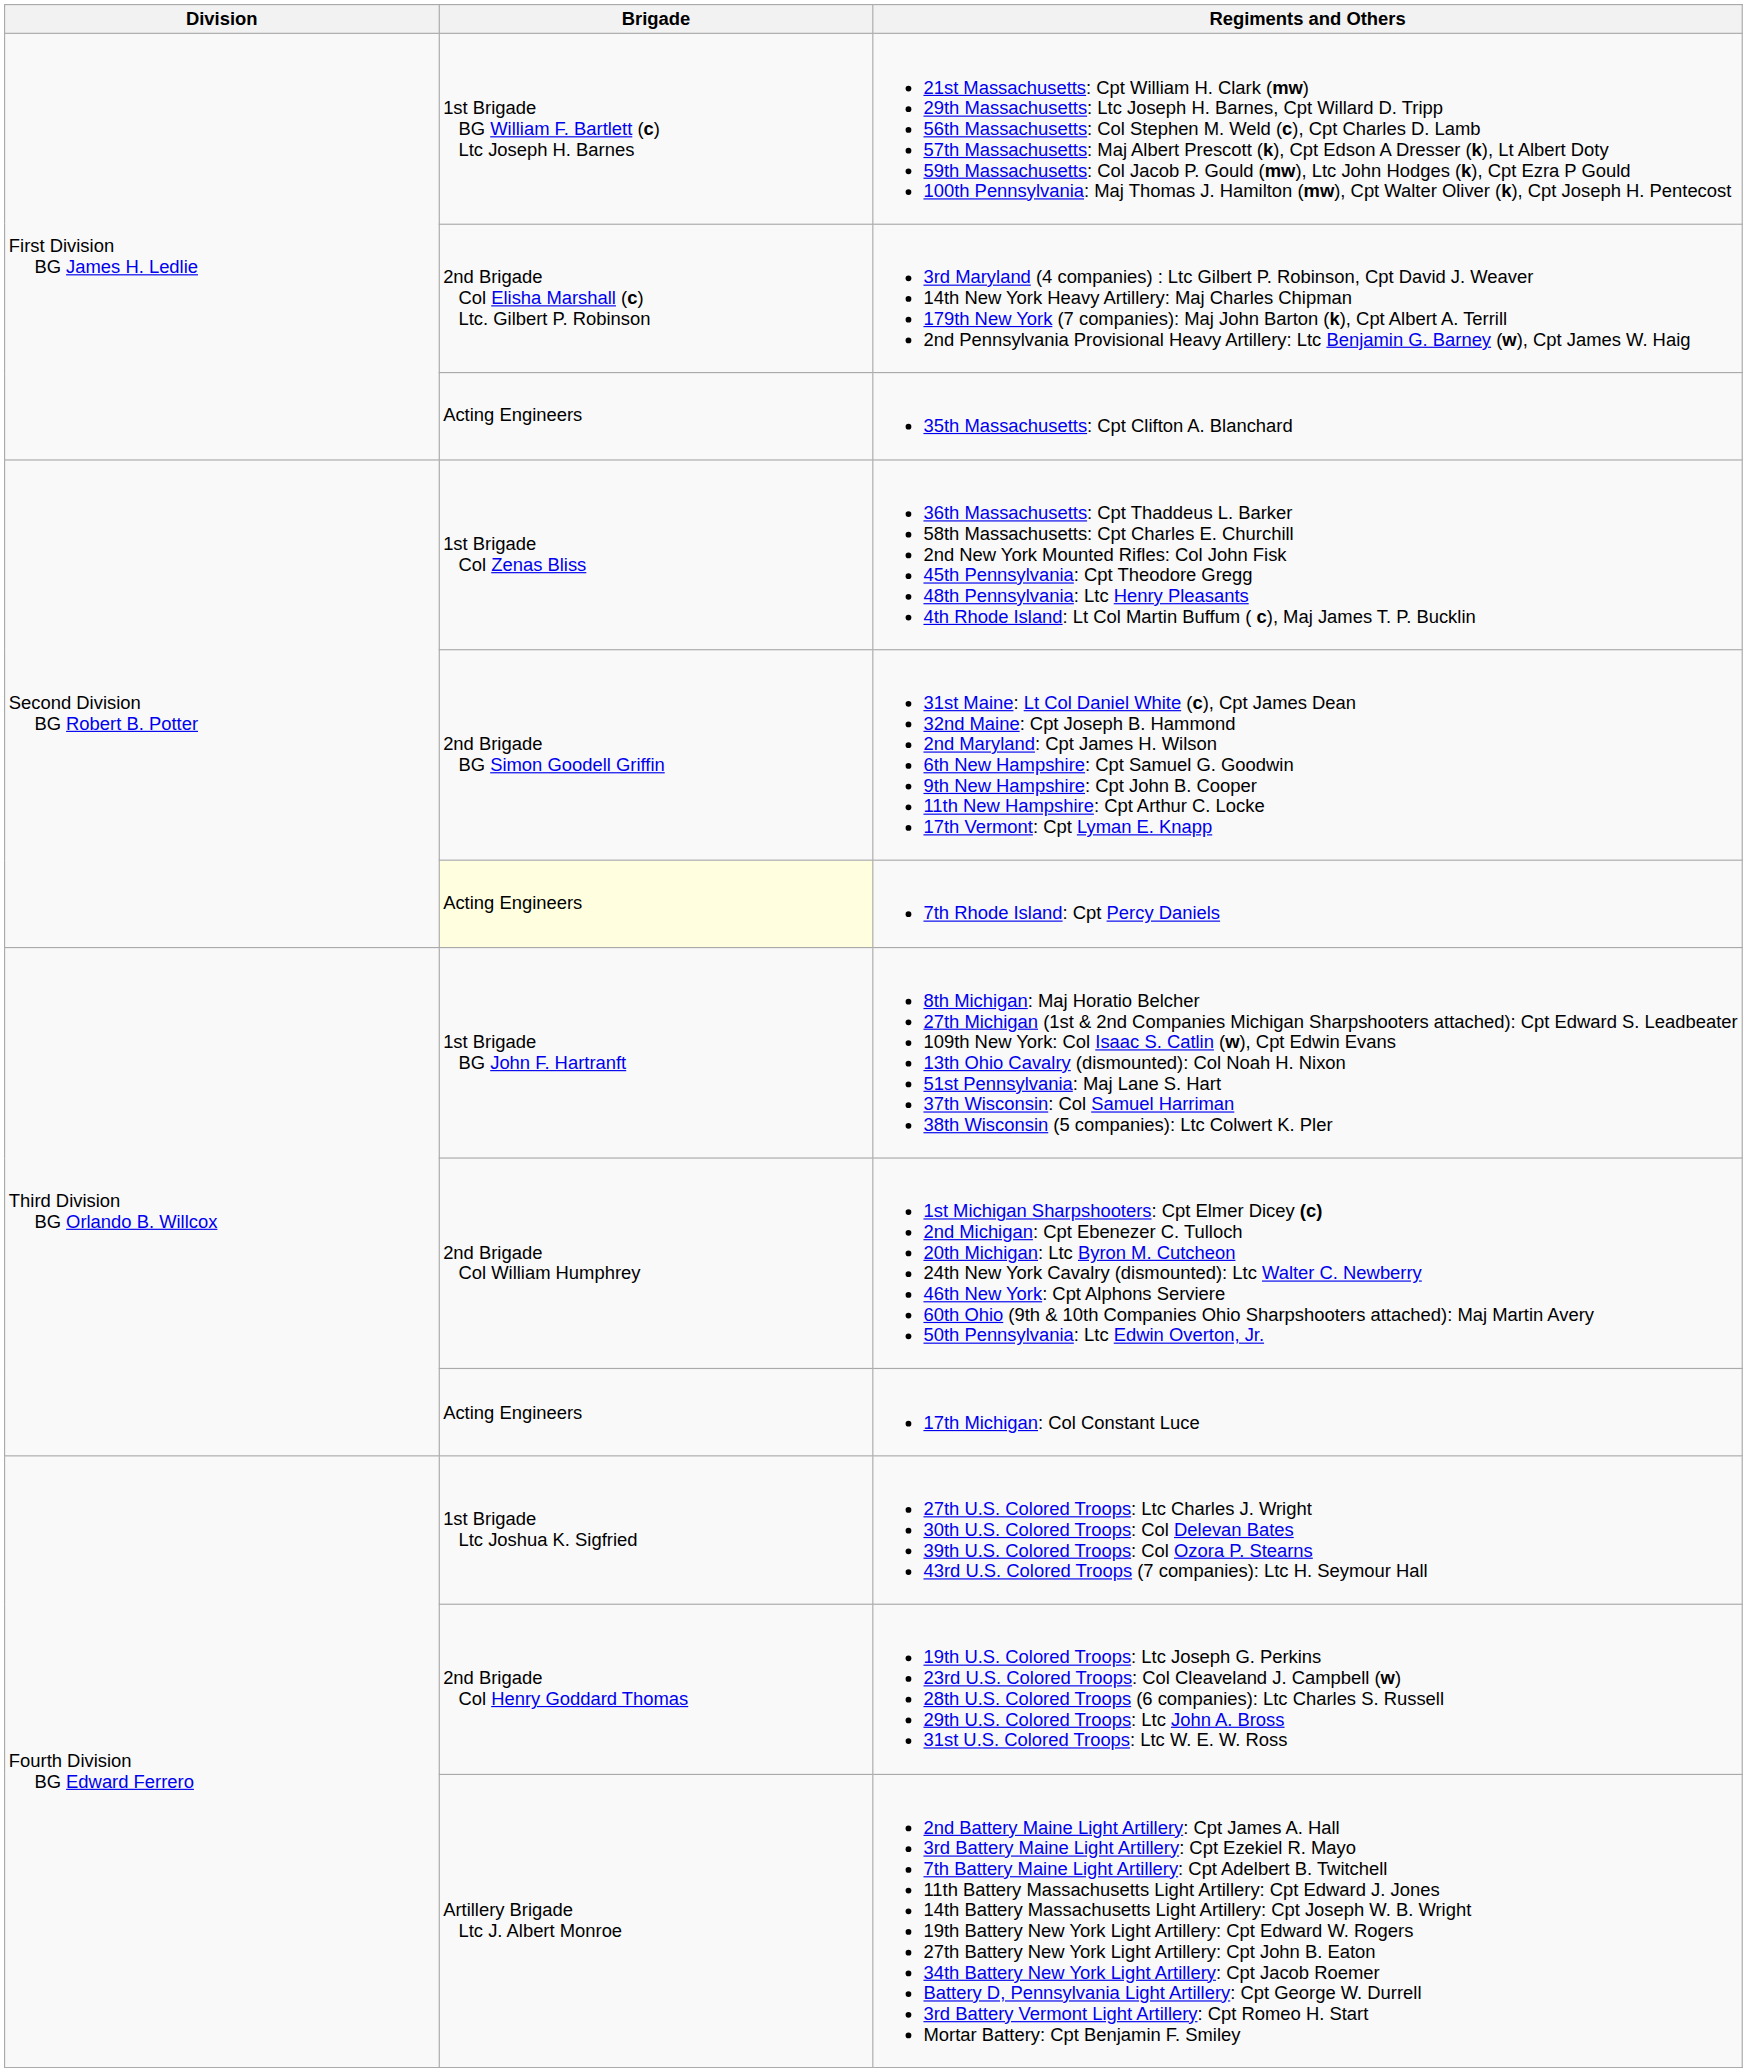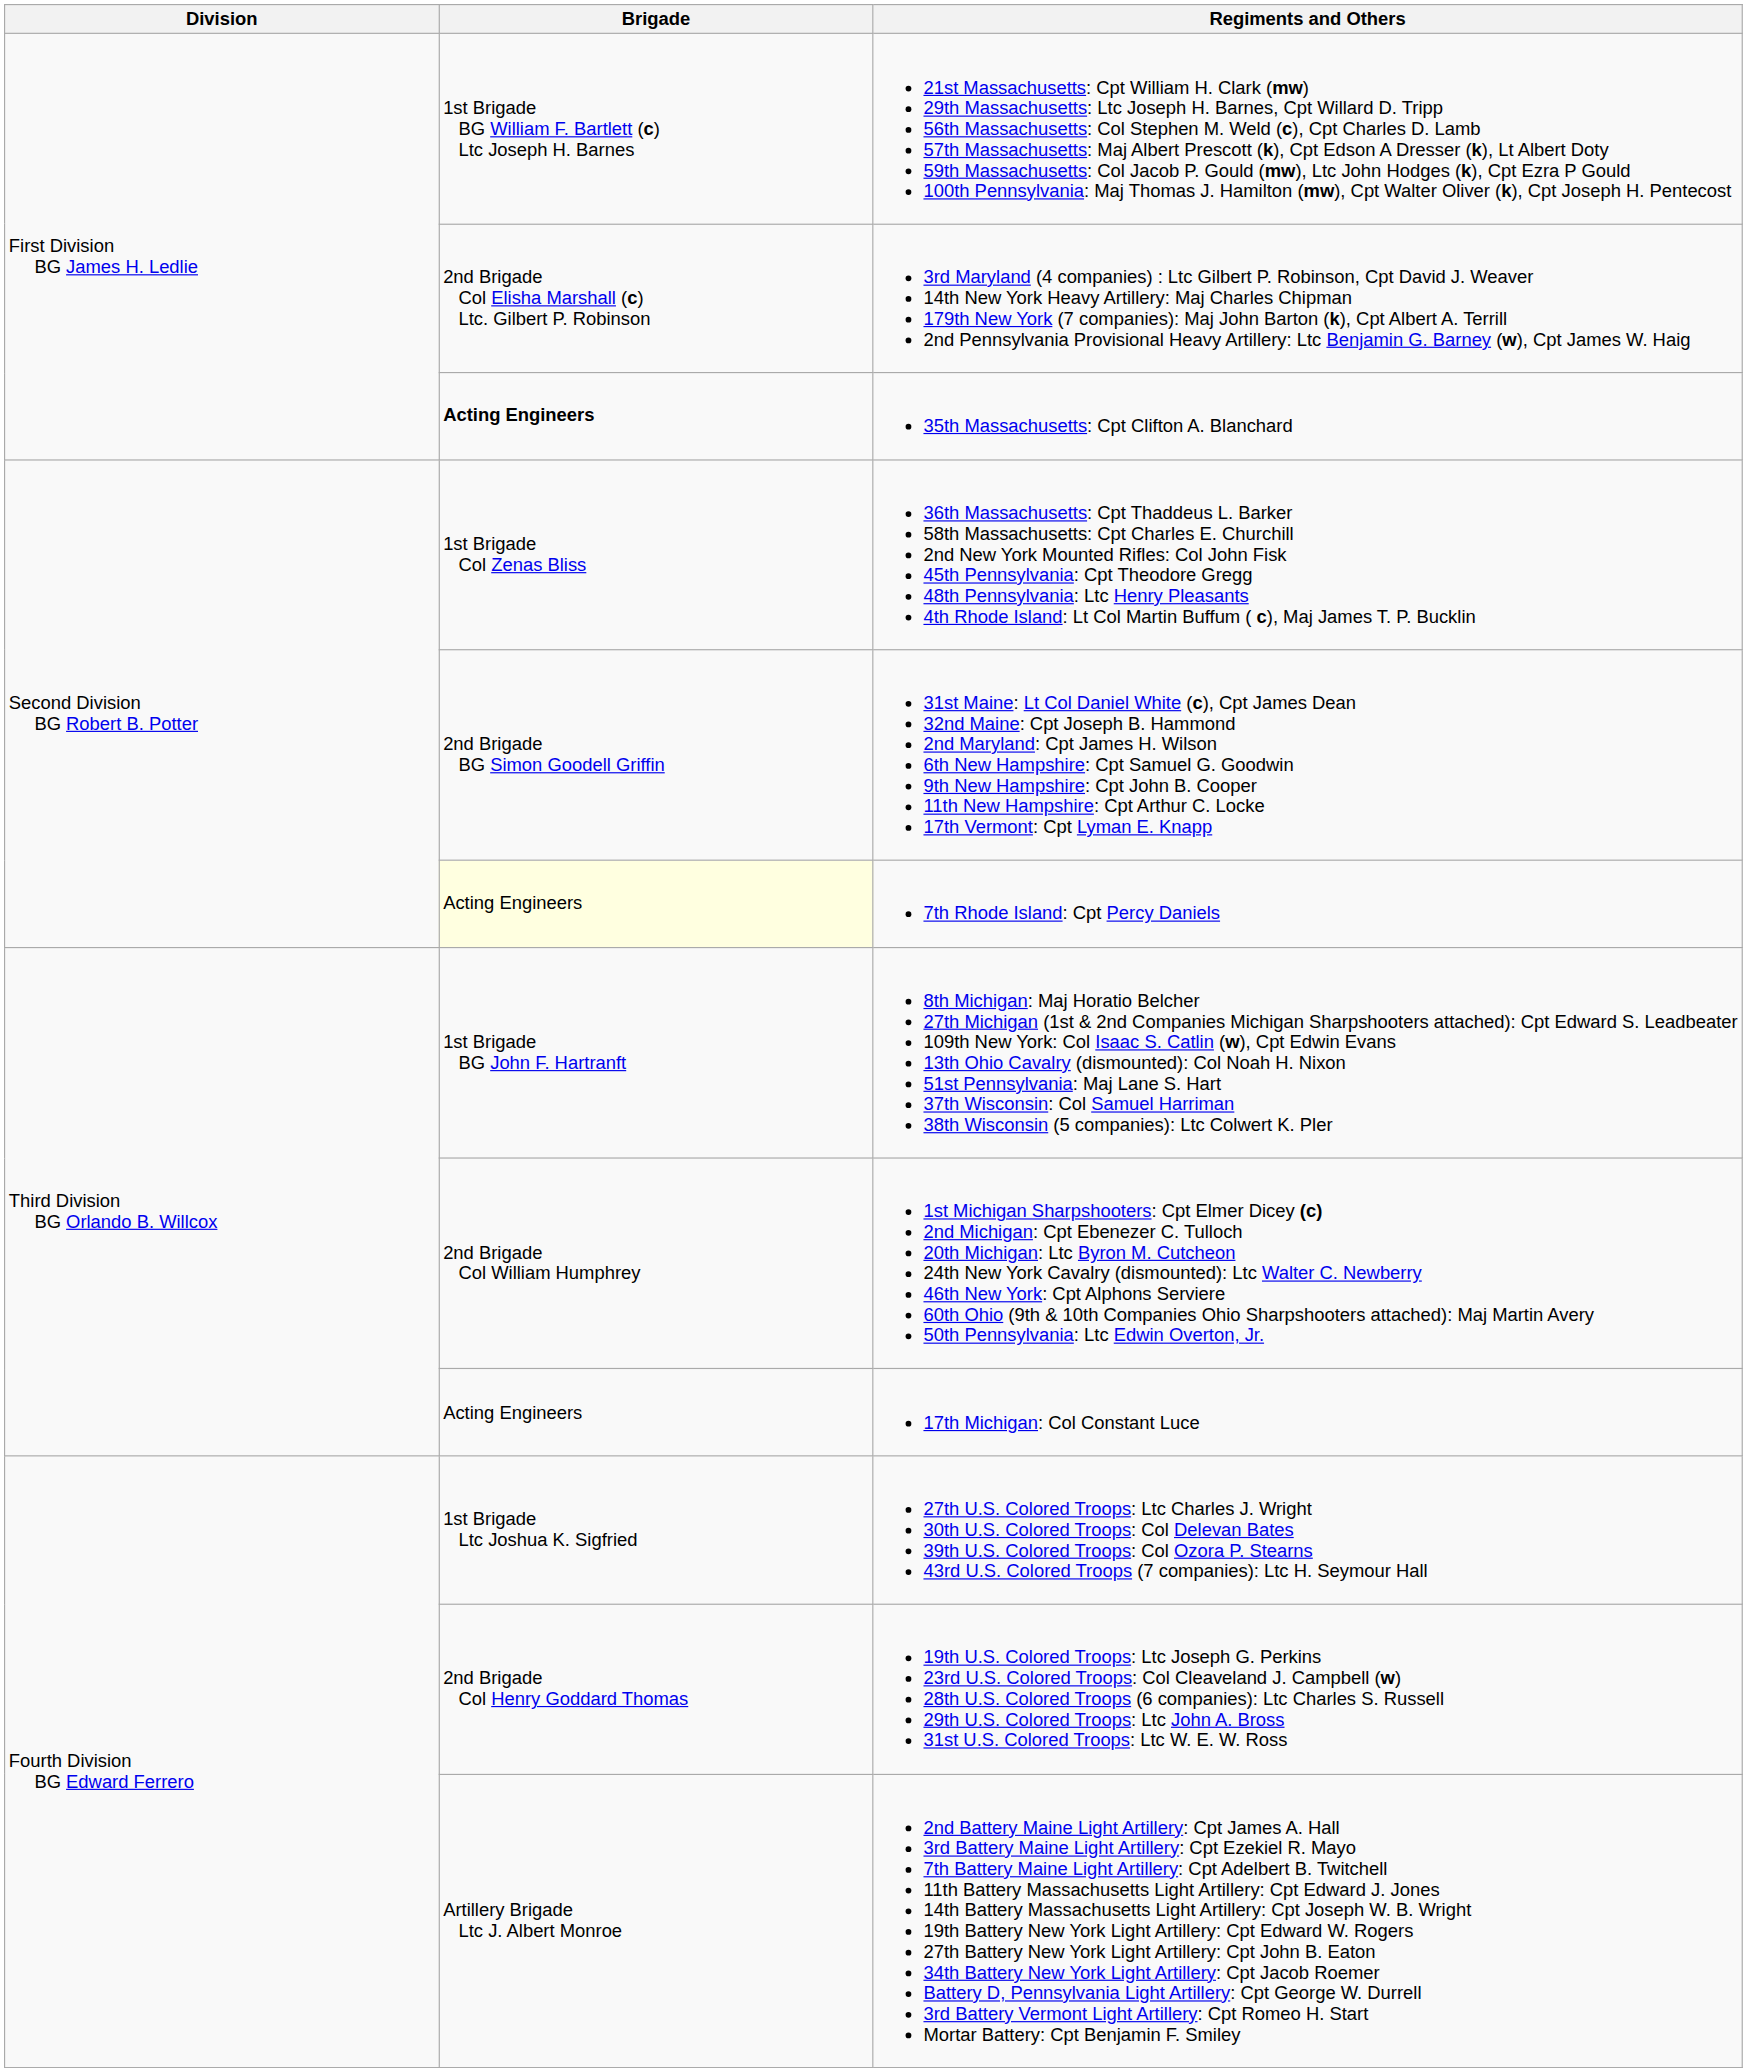 <table class="wikitable">
 <tr>
 <th width=25%>Division</th>
 <th width=25%>Brigade</th>
 <th>Regiments and Others</th>
 </tr>
 <tr>
 <td rowspan=3><br>First Division <br>     BG <a href='#'>James H. Ledlie</a></td>
 <td>1st Brigade<br>   BG <a href='#'>William F. Bartlett</a> (<strong>c</strong>) <br>   Ltc Joseph H. Barnes</td>
 <td><br><ul><li><a href='#'>21st Massachusetts</a>: Cpt William H. Clark (<strong>mw</strong>)</li><li><a href='#'>29th Massachusetts</a>: Ltc Joseph H. Barnes, Cpt Willard D. Tripp</li><li><a href='#'>56th Massachusetts</a>: Col Stephen M. Weld (<strong>c</strong>), Cpt Charles D. Lamb</li><li><a href='#'>57th Massachusetts</a>: Maj Albert Prescott (<strong>k</strong>), Cpt Edson A Dresser (<strong>k</strong>), Lt Albert Doty</li><li><a href='#'>59th Massachusetts</a>: Col Jacob P. Gould (<strong>mw</strong>), Ltc John Hodges (<strong>k</strong>), Cpt Ezra P Gould</li><li><a href='#'>100th Pennsylvania</a>: Maj Thomas J. Hamilton (<strong>mw</strong>), Cpt Walter Oliver (<strong>k</strong>), Cpt Joseph H. Pentecost</li></ul></td>
 </tr>
 <tr>
 <td>2nd Brigade<br>   Col <a href='#'>Elisha Marshall</a> (<strong>c</strong>) <br>   Ltc. Gilbert P. Robinson</td>
 <td><br><ul><li><a href='#'>3rd Maryland</a> (4 companies) : Ltc Gilbert P. Robinson, Cpt David J. Weaver</li><li>14th New York Heavy Artillery: Maj Charles Chipman</li><li><a href='#'>179th New York</a> (7 companies): Maj John Barton (<strong>k</strong>), Cpt Albert A. Terrill</li><li>2nd Pennsylvania Provisional Heavy Artillery: Ltc <a href='#'>Benjamin G. Barney</a> (<strong>w</strong>), Cpt James W. Haig</li></ul></td>
 </tr>
 <tr>
-<td>Acting Engineers</td>
+<td><strong>Acting Engineers</strong></td>
 <td><br><ul><li><a href='#'>35th Massachusetts</a>: Cpt Clifton A. Blanchard</li></ul></td>
 </tr>
 <tr>
 <td rowspan=3><br>Second Division <br>     BG <a href='#'>Robert B. Potter</a></td>
 <td>1st Brigade<br>   Col <a href='#'>Zenas Bliss</a></td>
 <td><br><ul><li><a href='#'>36th Massachusetts</a>: Cpt Thaddeus L. Barker</li><li>58th Massachusetts: Cpt Charles E. Churchill</li><li>2nd New York Mounted Rifles: Col John Fisk</li><li><a href='#'>45th Pennsylvania</a>: Cpt Theodore Gregg</li><li><a href='#'>48th Pennsylvania</a>: Ltc <a href='#'>Henry Pleasants</a></li><li><a href='#'>4th Rhode Island</a>: Lt Col Martin Buffum (<strong> c</strong>), Maj James T. P. Bucklin</li></ul></td>
 </tr>
 <tr>
 <td>2nd Brigade<br>   BG <a href='#'>Simon Goodell Griffin</a></td>
 <td><br><ul><li><a href='#'>31st Maine</a>: <a href='#'>Lt Col Daniel White</a> (<strong>c</strong>), Cpt James Dean</li><li><a href='#'>32nd Maine</a>: Cpt Joseph B. Hammond</li><li><a href='#'>2nd Maryland</a>: Cpt James H. Wilson</li><li><a href='#'>6th New Hampshire</a>: Cpt Samuel G. Goodwin</li><li><a href='#'>9th New Hampshire</a>: Cpt John B. Cooper</li><li><a href='#'>11th New Hampshire</a>: Cpt Arthur C. Locke</li><li><a href='#'>17th Vermont</a>: Cpt <a href='#'>Lyman E. Knapp</a></li></ul></td>
 </tr>
 <tr>
 <td style="background: lightyellow;">Acting Engineers</td>
 <td><br><ul><li><a href='#'>7th Rhode Island</a>: Cpt <a href='#'>Percy Daniels</a></li></ul></td>
 </tr>
 <tr>
 <td rowspan=3><br>Third Division <br>     BG <a href='#'>Orlando B. Willcox</a></td>
 <td>1st Brigade<br>   BG <a href='#'>John F. Hartranft</a></td>
 <td><br><ul><li><a href='#'>8th Michigan</a>: Maj Horatio Belcher</li><li><a href='#'>27th Michigan</a> (1st & 2nd Companies Michigan Sharpshooters attached): Cpt Edward S. Leadbeater</li><li>109th New York: Col <a href='#'>Isaac S. Catlin</a> (<strong>w</strong>), Cpt Edwin Evans</li><li><a href='#'>13th Ohio Cavalry</a> (dismounted): Col Noah H. Nixon</li><li><a href='#'>51st Pennsylvania</a>: Maj Lane S. Hart</li><li><a href='#'>37th Wisconsin</a>: Col <a href='#'>Samuel Harriman</a></li><li><a href='#'>38th Wisconsin</a> (5 companies): Ltc Colwert K. Pler</li></ul></td>
 </tr>
 <tr>
 <td>2nd Brigade<br>   Col William Humphrey</td>
 <td><br><ul><li><a href='#'>1st Michigan Sharpshooters</a>: Cpt Elmer Dicey <strong>(c)</strong></li><li><a href='#'>2nd Michigan</a>: Cpt Ebenezer C. Tulloch</li><li><a href='#'>20th Michigan</a>: Ltc <a href='#'>Byron M. Cutcheon</a></li><li>24th New York Cavalry (dismounted): Ltc <a href='#'>Walter C. Newberry</a></li><li><a href='#'>46th New York</a>: Cpt Alphons Serviere</li><li><a href='#'>60th Ohio</a> (9th & 10th Companies Ohio Sharpshooters attached): Maj Martin Avery</li><li><a href='#'>50th Pennsylvania</a>: Ltc <a href='#'>Edwin Overton, Jr.</a></li></ul></td>
 </tr>
 <tr>
 <td>Acting Engineers</td>
 <td><br><ul><li><a href='#'>17th Michigan</a>: Col Constant Luce</li></ul></td>
 </tr>
 <tr>
 <td rowspan=3><br>Fourth Division <br>     BG <a href='#'>Edward Ferrero</a></td>
 <td>1st Brigade<br>   Ltc Joshua K. Sigfried</td>
 <td><br><ul><li><a href='#'>27th U.S. Colored Troops</a>: Ltc Charles J. Wright</li><li><a href='#'>30th U.S. Colored Troops</a>: Col <a href='#'>Delevan Bates</a></li><li><a href='#'>39th U.S. Colored Troops</a>: Col <a href='#'>Ozora P. Stearns</a></li><li><a href='#'>43rd U.S. Colored Troops</a> (7 companies): Ltc H. Seymour Hall</li></ul></td>
 </tr>
 <tr>
 <td>2nd Brigade<br>   Col <a href='#'>Henry Goddard Thomas</a></td>
 <td><br><ul><li><a href='#'>19th U.S. Colored Troops</a>: Ltc Joseph G. Perkins</li><li><a href='#'>23rd U.S. Colored Troops</a>: Col Cleaveland J. Campbell (<strong>w</strong>)</li><li><a href='#'>28th U.S. Colored Troops</a> (6 companies): Ltc Charles S. Russell</li><li><a href='#'>29th U.S. Colored Troops</a>: Ltc <a href='#'>John A. Bross</a></li><li><a href='#'>31st U.S. Colored Troops</a>: Ltc W. E. W. Ross</li></ul></td>
 </tr>
 <tr>
 <td>Artillery Brigade<br>   Ltc J. Albert Monroe</td>
 <td><br><ul><li><a href='#'>2nd Battery Maine Light Artillery</a>: Cpt James A. Hall</li><li><a href='#'>3rd Battery Maine Light Artillery</a>: Cpt Ezekiel R. Mayo</li><li><a href='#'>7th Battery Maine Light Artillery</a>: Cpt Adelbert B. Twitchell</li><li>11th Battery Massachusetts Light Artillery: Cpt Edward J. Jones</li><li>14th Battery Massachusetts Light Artillery: Cpt Joseph W. B. Wright</li><li>19th Battery New York Light Artillery: Cpt Edward W. Rogers</li><li>27th Battery New York Light Artillery: Cpt John B. Eaton</li><li><a href='#'>34th Battery New York Light Artillery</a>: Cpt Jacob Roemer</li><li><a href='#'>Battery D, Pennsylvania Light Artillery</a>: Cpt George W. Durrell</li><li><a href='#'>3rd Battery Vermont Light Artillery</a>: Cpt Romeo H. Start</li><li>Mortar Battery: Cpt Benjamin F. Smiley</li></ul></td>
 </tr>
 <tr>
 </tr>
 </table>
